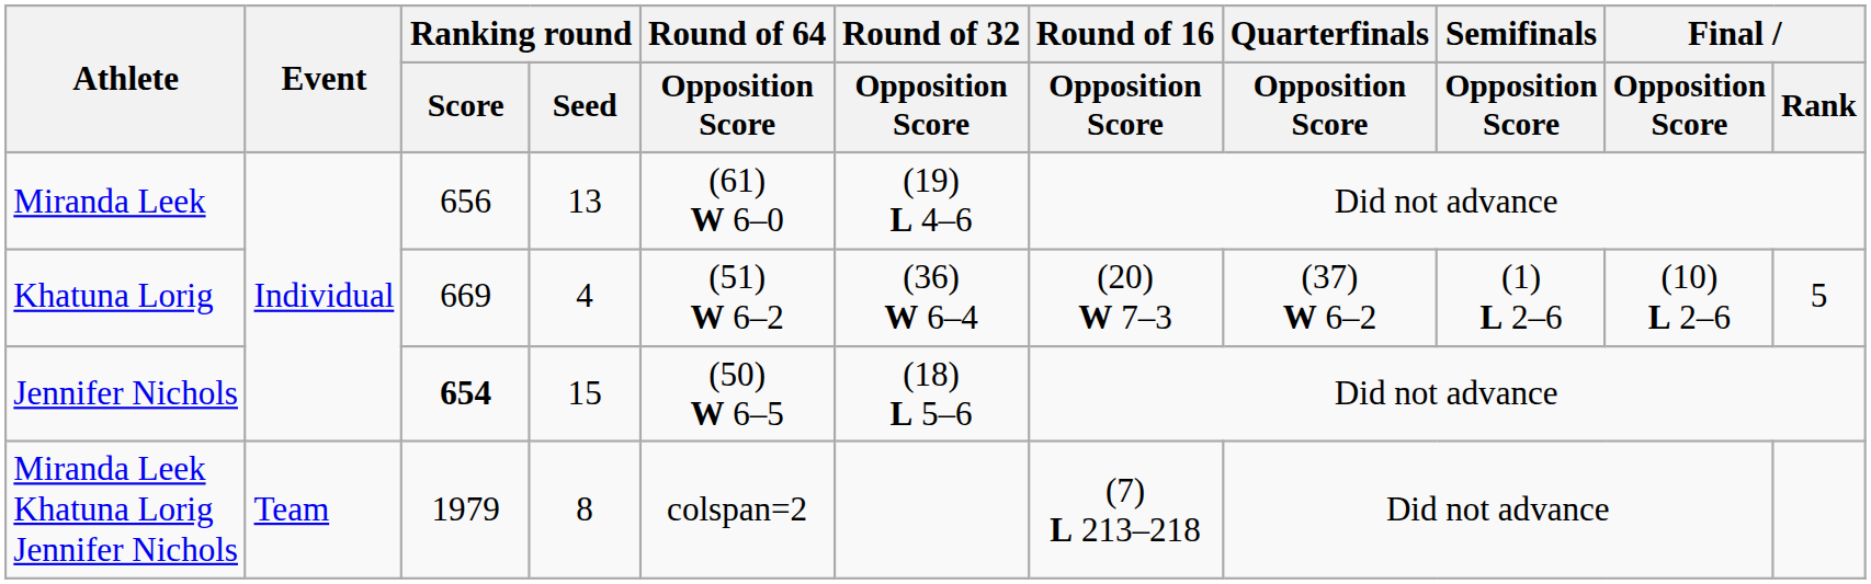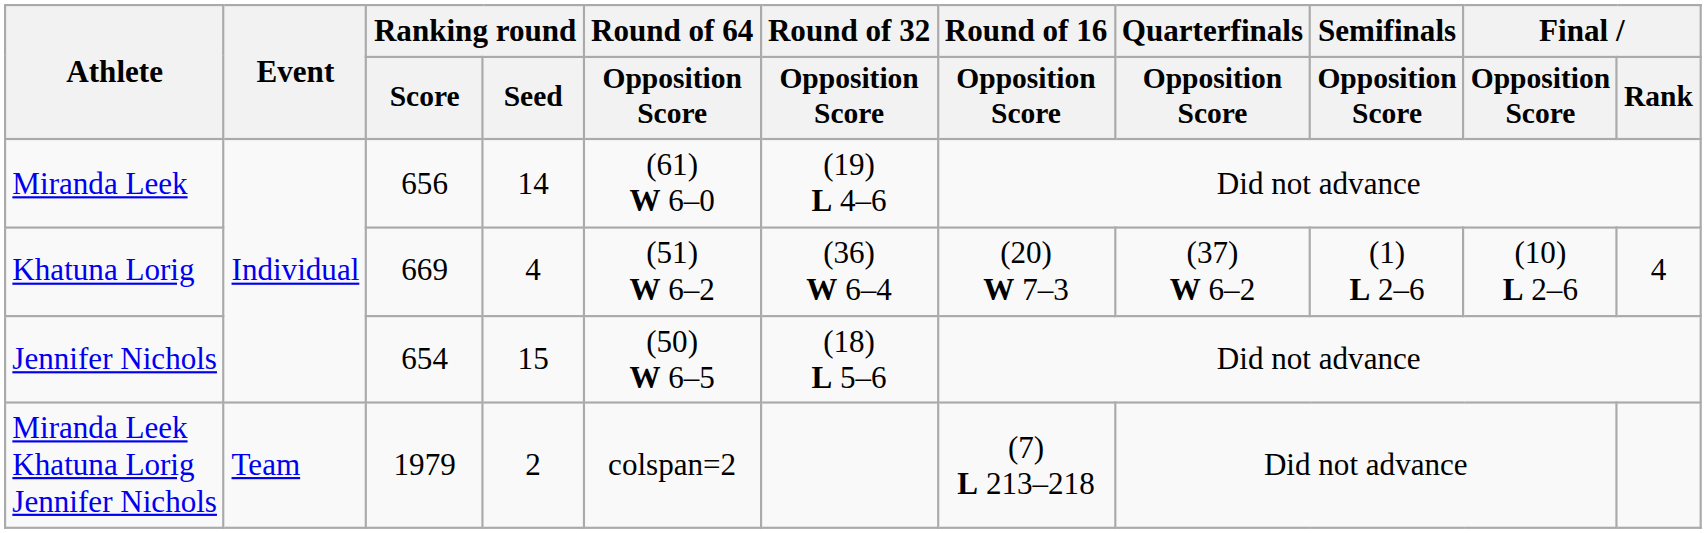 <table class=wikitable style=font-size:90%;text-align:center>
 <tr>
 <th rowspan=2>Athlete</th>
 <th rowspan=2>Event</th>
 <th colspan=2>Ranking round</th>
 <th>Round of 64</th>
 <th>Round of 32</th>
 <th>Round of 16</th>
 <th>Quarterfinals</th>
 <th>Semifinals</th>
 <th colspan=2>Final / </th>
 </tr>
 <tr style=font-size:95%>
 <th>Score</th>
 <th>Seed</th>
 <th>Opposition<br>Score</th>
 <th>Opposition<br>Score</th>
 <th>Opposition<br>Score</th>
 <th>Opposition<br>Score</th>
 <th>Opposition<br>Score</th>
 <th>Opposition<br>Score</th>
 <th>Rank</th>
 </tr>
 <tr>
 <td align=left><a href='#'>Miranda Leek</a></td>
 <td align=left rowspan=3><a href='#'>Individual</a></td>
 <td>656</td>
-<td>13</td>
+<td>14</td>
 <td> (61)<br><strong>W</strong> 6–0</td>
 <td> (19)<br><strong>L</strong> 4–6</td>
 <td colspan=5>Did not advance</td>
 </tr>
 <tr>
 <td align=left><a href='#'>Khatuna Lorig</a></td>
 <td>669</td>
 <td>4</td>
 <td> (51)<br><strong>W</strong> 6–2</td>
 <td> (36)<br><strong>W</strong> 6–4</td>
 <td> (20)<br><strong>W</strong> 7–3</td>
 <td> (37)<br><strong>W</strong> 6–2</td>
 <td> (1)<br><strong>L</strong> 2–6</td>
 <td> (10)<br><strong>L</strong> 2–6</td>
-<td>5</td>
+<td>4</td>
 </tr>
 <tr>
 <td align=left><a href='#'>Jennifer Nichols</a></td>
-<td><strong>654</strong></td>
+<td>654</td>
 <td>15</td>
 <td> (50)<br><strong>W</strong> 6–5</td>
 <td> (18)<br><strong>L</strong> 5–6</td>
 <td colspan=5>Did not advance</td>
 </tr>
 <tr>
 <td align=left><a href='#'>Miranda Leek</a><br><a href='#'>Khatuna Lorig</a><br><a href='#'>Jennifer Nichols</a></td>
 <td align=left><a href='#'>Team</a></td>
 <td>1979</td>
-<td>8</td>
+<td>2</td>
 <td>colspan=2 </td>
 <td></td>
 <td> (7)<br><strong>L</strong> 213–218</td>
 <td colspan=3>Did not advance</td>
 </tr>
 </table>
